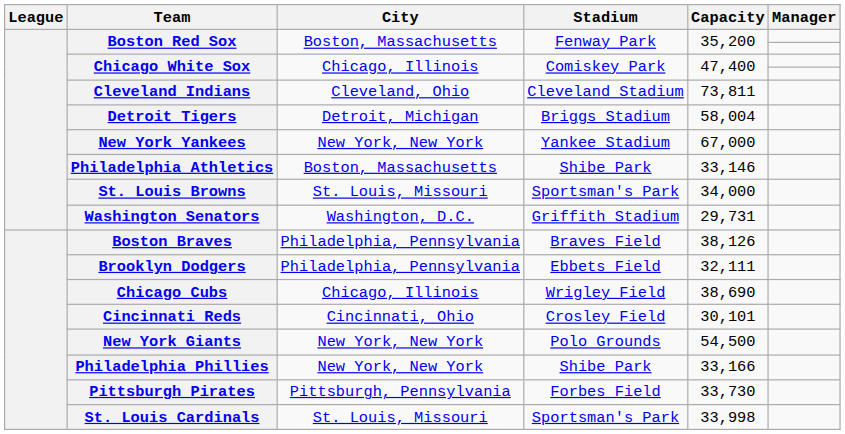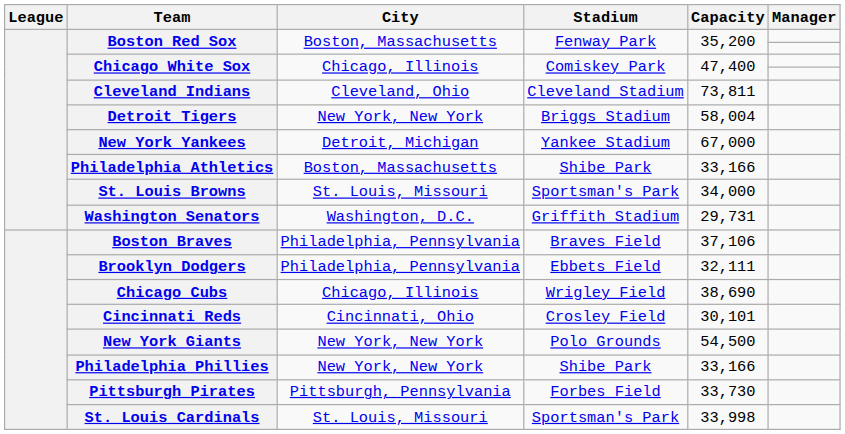 <table class="wikitable sortable plainrowheaders" style="text-align:center;">
 <tr>
 <th scope="col">League</th>
 <th scope="col">Team</th>
 <th scope="col">City</th>
 <th scope="col">Stadium</th>
 <th scope="col">Capacity</th>
 <th scope="col">Manager</th>
 </tr>
 <tr>
 <th rowspan="10"></th>
 <th rowspan="2" scope="row"><a href='#'>Boston Red Sox</a></th>
 <td rowspan="2"><a href='#'>Boston, Massachusetts</a></td>
 <td rowspan="2"><a href='#'>Fenway Park</a></td>
 <td rowspan="2">35,200</td>
 <td></td>
 </tr>
 <tr>
 <td></td>
 </tr>
 <tr>
 <th rowspan="2" scope="row"><a href='#'>Chicago White Sox</a></th>
 <td rowspan="2"><a href='#'>Chicago, Illinois</a></td>
 <td rowspan="2"><a href='#'>Comiskey Park</a></td>
 <td rowspan="2">47,400</td>
 <td></td>
 </tr>
 <tr>
 <td></td>
 </tr>
 <tr>
 <th scope="row"><a href='#'>Cleveland Indians</a></th>
 <td><a href='#'>Cleveland, Ohio</a></td>
 <td><a href='#'>Cleveland Stadium</a></td>
 <td>73,811</td>
 <td></td>
 </tr>
 <tr>
 <th scope="row"><a href='#'>Detroit Tigers</a></th>
-<td><a href='#'>Detroit, Michigan</a></td>
+<td><a href='#'>New York, New York</a></td>
 <td><a href='#'>Briggs Stadium</a></td>
 <td>58,004</td>
 <td></td>
 </tr>
 <tr>
 <th scope="row"><a href='#'>New York Yankees</a></th>
-<td><a href='#'>New York, New York</a></td>
+<td><a href='#'>Detroit, Michigan</a></td>
 <td><a href='#'>Yankee Stadium</a></td>
 <td>67,000</td>
 <td></td>
 </tr>
 <tr>
 <th scope="row"><a href='#'>Philadelphia Athletics</a></th>
 <td><a href='#'>Boston, Massachusetts</a></td>
 <td><a href='#'>Shibe Park</a></td>
-<td>33,146</td>
+<td>33,166</td>
 <td></td>
 </tr>
 <tr>
 <th scope="row"><a href='#'>St. Louis Browns</a></th>
 <td><a href='#'>St. Louis, Missouri</a></td>
 <td><a href='#'>Sportsman's Park</a></td>
 <td>34,000</td>
 <td></td>
 </tr>
 <tr>
 <th scope="row"><a href='#'>Washington Senators</a></th>
 <td><a href='#'>Washington, D.C.</a></td>
 <td><a href='#'>Griffith Stadium</a></td>
 <td>29,731</td>
 <td></td>
 </tr>
 <tr>
 <th rowspan="8"></th>
 <th scope="row"><a href='#'>Boston Braves</a></th>
 <td><a href='#'>Philadelphia, Pennsylvania</a></td>
 <td><a href='#'>Braves Field</a></td>
-<td>38,126</td>
+<td>37,106</td>
 <td></td>
 </tr>
 <tr>
 <th scope="row"><a href='#'>Brooklyn Dodgers</a></th>
 <td><a href='#'>Philadelphia, Pennsylvania</a></td>
 <td><a href='#'>Ebbets Field</a></td>
 <td>32,111</td>
 <td></td>
 </tr>
 <tr>
 <th scope="row"><a href='#'>Chicago Cubs</a></th>
 <td><a href='#'>Chicago, Illinois</a></td>
 <td><a href='#'>Wrigley Field</a></td>
 <td>38,690</td>
 <td></td>
 </tr>
 <tr>
 <th scope="row"><a href='#'>Cincinnati Reds</a></th>
 <td><a href='#'>Cincinnati, Ohio</a></td>
 <td><a href='#'>Crosley Field</a></td>
 <td>30,101</td>
 <td></td>
 </tr>
 <tr>
 <th scope="row"><a href='#'>New York Giants</a></th>
 <td><a href='#'>New York, New York</a></td>
 <td><a href='#'>Polo Grounds</a></td>
 <td>54,500</td>
 <td></td>
 </tr>
 <tr>
 <th scope="row"><a href='#'>Philadelphia Phillies</a></th>
 <td><a href='#'>New York, New York</a></td>
 <td><a href='#'>Shibe Park</a></td>
 <td>33,166</td>
 <td></td>
 </tr>
 <tr>
 <th scope="row"><a href='#'>Pittsburgh Pirates</a></th>
 <td><a href='#'>Pittsburgh, Pennsylvania</a></td>
 <td><a href='#'>Forbes Field</a></td>
 <td>33,730</td>
 <td></td>
 </tr>
 <tr>
 <th scope="row"><a href='#'>St. Louis Cardinals</a></th>
 <td><a href='#'>St. Louis, Missouri</a></td>
 <td><a href='#'>Sportsman's Park</a></td>
 <td>33,998</td>
 <td></td>
 </tr>
 </table>
